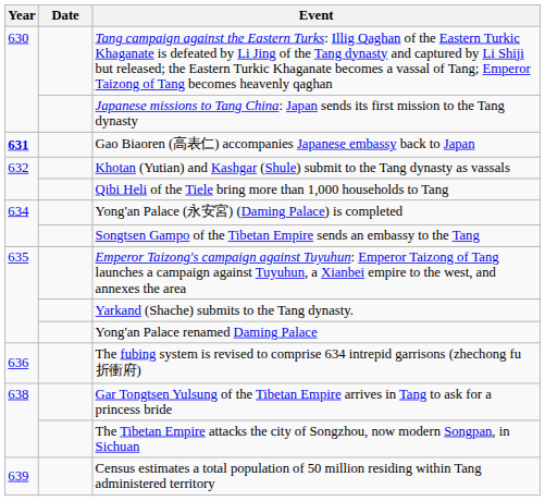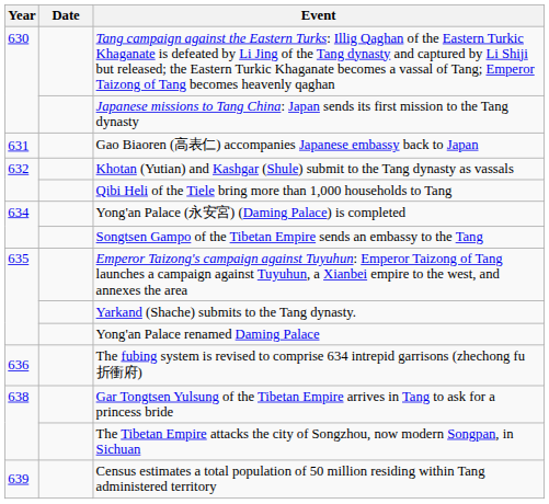 <table class="wikitable" width="100%">
 <tr>
 <th style="width:6%">Year</th>
 <th style="width:10%">Date</th>
 <th>Event</th>
 </tr>
 <tr>
 <td rowspan="2" valign="top"><a href='#'>630</a></td>
 <td></td>
 <td><em><a href='#'>Tang campaign against the Eastern Turks</a></em>: <a href='#'>Illig Qaghan</a> of the <a href='#'>Eastern Turkic Khaganate</a> is defeated by <a href='#'>Li Jing</a> of the <a href='#'>Tang dynasty</a> and captured by <a href='#'>Li Shiji</a> but released; the Eastern Turkic Khaganate becomes a vassal of Tang; <a href='#'>Emperor Taizong of Tang</a> becomes heavenly qaghan</td>
 </tr>
 <tr>
 <td></td>
 <td><em><a href='#'>Japanese missions to Tang China</a></em>: <a href='#'>Japan</a> sends its first mission to the Tang dynasty</td>
 </tr>
 <tr>
-<td><strong><a href='#'>631</a></strong></td>
+<td><a href='#'>631</a></td>
 <td></td>
 <td>Gao Biaoren (高表仁) accompanies <a href='#'>Japanese embassy</a> back to <a href='#'>Japan</a></td>
 </tr>
 <tr>
 <td rowspan="2" valign="top"><a href='#'>632</a></td>
 <td></td>
 <td><a href='#'>Khotan</a> (Yutian) and <a href='#'>Kashgar</a> (<a href='#'>Shule</a>) submit to the Tang dynasty as vassals</td>
 </tr>
 <tr>
 <td></td>
 <td><a href='#'>Qibi Heli</a> of the <a href='#'>Tiele</a> bring more than 1,000 households to Tang</td>
 </tr>
 <tr>
 <td rowspan="2" valign="top"><a href='#'>634</a></td>
 <td></td>
 <td>Yong'an Palace (永安宮) (<a href='#'>Daming Palace</a>) is completed</td>
 </tr>
 <tr>
 <td></td>
 <td><a href='#'>Songtsen Gampo</a> of the <a href='#'>Tibetan Empire</a> sends an embassy to the <a href='#'>Tang</a></td>
 </tr>
 <tr>
 <td rowspan="3" valign="top"><a href='#'>635</a></td>
 <td></td>
 <td><em><a href='#'>Emperor Taizong's campaign against Tuyuhun</a></em>: <a href='#'>Emperor Taizong of Tang</a> launches a campaign against <a href='#'>Tuyuhun</a>, a <a href='#'>Xianbei</a> empire to the west, and annexes the area</td>
 </tr>
 <tr>
 <td></td>
 <td><a href='#'>Yarkand</a> (Shache) submits to the Tang dynasty.</td>
 </tr>
 <tr>
 <td></td>
 <td>Yong'an Palace renamed <a href='#'>Daming Palace</a></td>
 </tr>
 <tr>
 <td><a href='#'>636</a></td>
 <td></td>
 <td>The <a href='#'>fubing</a> system is revised to comprise 634 intrepid garrisons (zhechong fu 折衝府)</td>
 </tr>
 <tr>
 <td rowspan="2" valign="top"><a href='#'>638</a></td>
 <td></td>
 <td><a href='#'>Gar Tongtsen Yulsung</a> of the <a href='#'>Tibetan Empire</a> arrives in <a href='#'>Tang</a> to ask for a princess bride</td>
 </tr>
 <tr>
 <td></td>
 <td>The <a href='#'>Tibetan Empire</a> attacks the city of Songzhou, now modern <a href='#'>Songpan</a>, in <a href='#'>Sichuan</a></td>
 </tr>
 <tr>
 <td><a href='#'>639</a></td>
 <td></td>
 <td>Census estimates a total population of 50 million residing within Tang administered territory</td>
 </tr>
 </table>
